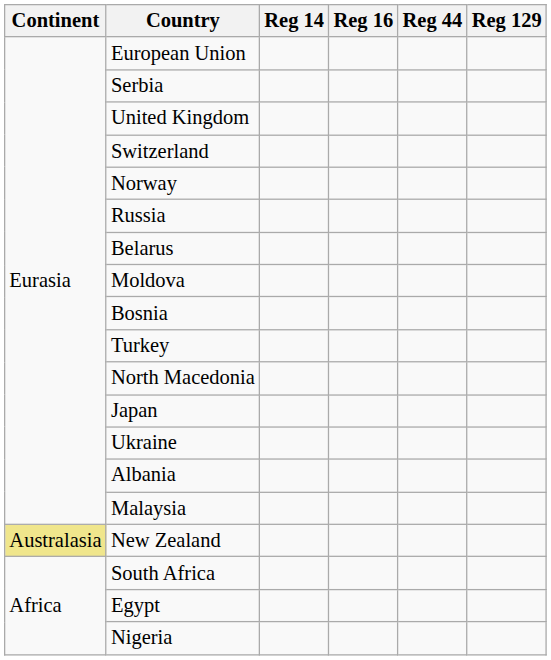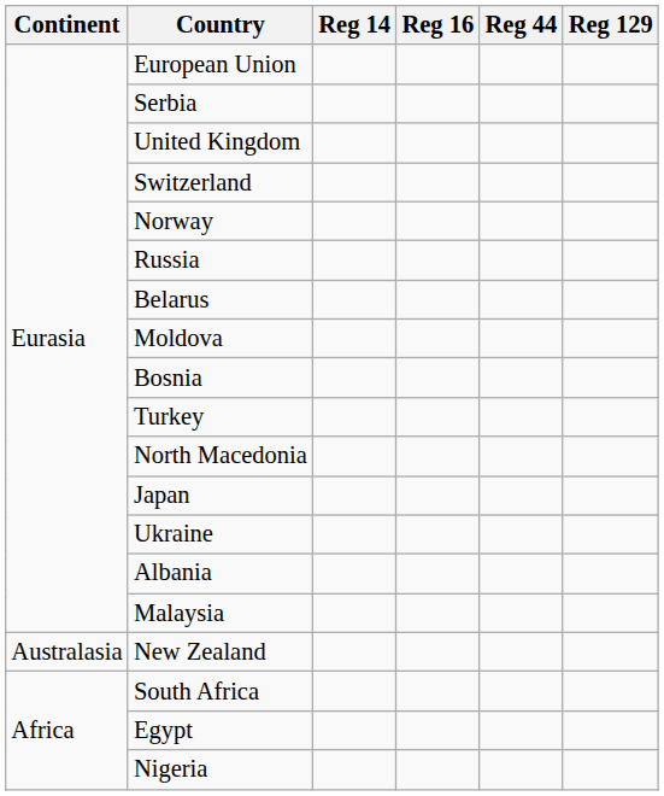 <table class="wikitable sortable">
 <tr>
 <th>Continent</th>
 <th>Country</th>
 <th>Reg 14</th>
 <th>Reg 16</th>
 <th>Reg 44</th>
 <th>Reg 129</th>
 </tr>
 <tr>
 <td rowspan="15">Eurasia</td>
 <td>European Union</td>
 <td></td>
 <td></td>
 <td></td>
 <td></td>
 </tr>
 <tr>
 <td>Serbia</td>
 <td></td>
 <td></td>
 <td></td>
 <td></td>
 </tr>
 <tr>
 <td>United Kingdom</td>
 <td></td>
 <td></td>
 <td></td>
 <td></td>
 </tr>
 <tr>
 <td>Switzerland</td>
 <td></td>
 <td></td>
 <td></td>
 <td></td>
 </tr>
 <tr>
 <td>Norway</td>
 <td></td>
 <td></td>
 <td></td>
 <td></td>
 </tr>
 <tr>
 <td>Russia</td>
 <td></td>
 <td></td>
 <td></td>
 <td></td>
 </tr>
 <tr>
 <td>Belarus</td>
 <td></td>
 <td></td>
 <td></td>
 <td></td>
 </tr>
 <tr>
 <td>Moldova</td>
 <td></td>
 <td></td>
 <td></td>
 <td></td>
 </tr>
 <tr>
 <td>Bosnia</td>
 <td></td>
 <td></td>
 <td></td>
 <td></td>
 </tr>
 <tr>
 <td>Turkey</td>
 <td></td>
 <td></td>
 <td></td>
 <td></td>
 </tr>
 <tr>
 <td>North Macedonia</td>
 <td></td>
 <td></td>
 <td></td>
 <td></td>
 </tr>
 <tr>
 <td>Japan</td>
 <td></td>
 <td></td>
 <td></td>
 <td></td>
 </tr>
 <tr>
 <td>Ukraine</td>
 <td></td>
 <td></td>
 <td></td>
 <td></td>
 </tr>
 <tr>
 <td>Albania</td>
 <td></td>
 <td></td>
 <td></td>
 <td></td>
 </tr>
 <tr>
 <td>Malaysia</td>
 <td></td>
 <td></td>
 <td></td>
 <td></td>
 </tr>
 <tr>
-<td style="background: khaki;">Australasia</td>
+<td>Australasia</td>
 <td>New Zealand</td>
 <td></td>
 <td></td>
 <td></td>
 <td></td>
 </tr>
 <tr>
 <td rowspan="3">Africa</td>
 <td>South Africa</td>
 <td></td>
 <td></td>
 <td></td>
 <td></td>
 </tr>
 <tr>
 <td>Egypt</td>
 <td></td>
 <td></td>
 <td></td>
 <td></td>
 </tr>
 <tr>
 <td>Nigeria</td>
 <td></td>
 <td></td>
 <td></td>
 <td></td>
 </tr>
 </table>
